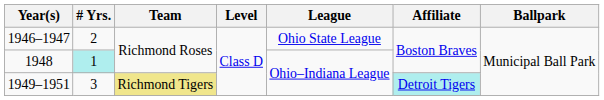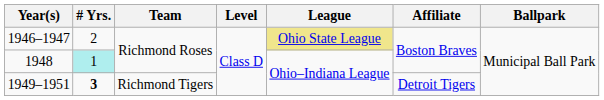 <table class="wikitable" style="text-align:center; font-size: 95%;">
 <tr>
 <th>Year(s)</th>
 <th># Yrs.</th>
 <th>Team</th>
 <th>Level</th>
 <th>League</th>
 <th>Affiliate</th>
 <th>Ballpark</th>
 </tr>
 <tr>
 <td>1946–1947</td>
 <td>2</td>
 <td Rowspan=2>Richmond Roses</td>
 <td rowspan=4><a href='#'>Class D</a></td>
-<td><a href='#'>Ohio State League</a></td>
+<td style="background: khaki;"><a href='#'>Ohio State League</a></td>
 <td rowspan=2><a href='#'>Boston Braves</a></td>
 <td rowspan=4>Municipal Ball Park</td>
 </tr>
 <tr>
 <td>1948</td>
 <td style="background: paleturquoise;">1</td>
 <td rowspan=2><a href='#'>Ohio–Indiana League</a></td>
 </tr>
 <tr>
 <td>1949–1951</td>
-<td>3</td>
-<td style="background: khaki;">Richmond Tigers</td>
-<td style="background: paleturquoise;"><a href='#'>Detroit Tigers</a></td>
+<td><strong>3</strong></td>
+<td>Richmond Tigers</td>
+<td><a href='#'>Detroit Tigers</a></td>
 </tr>
 </table>
